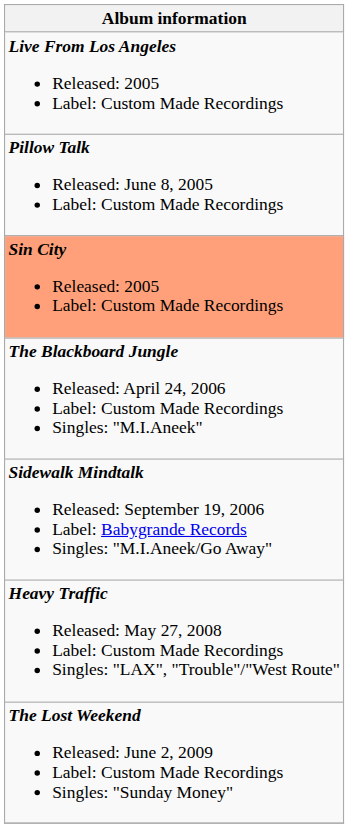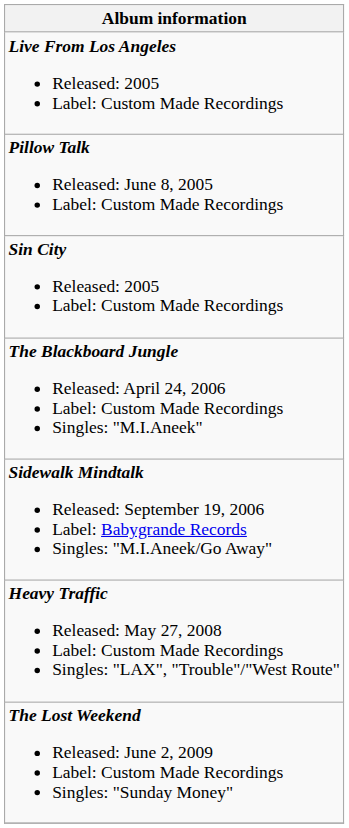 <table class="wikitable">
 <tr>
 <th align="left">Album information</th>
 </tr>
 <tr>
 <td><strong><em>Live From Los Angeles</em></strong><br><ul><li>Released: 2005</li><li>Label: Custom Made Recordings</li></ul></td>
 </tr>
 <tr>
 <td><strong><em>Pillow Talk</em></strong><br><ul><li>Released: June 8, 2005</li><li>Label: Custom Made Recordings</li></ul></td>
 </tr>
 <tr>
-<td style="background: lightsalmon;"><strong><em>Sin City</em></strong><br><ul><li>Released: 2005</li><li>Label: Custom Made Recordings</li></ul></td>
+<td><strong><em>Sin City</em></strong><br><ul><li>Released: 2005</li><li>Label: Custom Made Recordings</li></ul></td>
 </tr>
 <tr>
 <td><strong><em>The Blackboard Jungle</em></strong><br><ul><li>Released: April 24, 2006</li><li>Label: Custom Made Recordings</li><li>Singles: "M.I.Aneek"</li></ul></td>
 </tr>
 <tr>
 <td><strong><em>Sidewalk Mindtalk</em></strong><br><ul><li>Released: September 19, 2006</li><li>Label: <a href='#'>Babygrande Records</a></li><li>Singles: "M.I.Aneek/Go Away"</li></ul></td>
 </tr>
 <tr>
 <td><strong><em>Heavy Traffic</em></strong><br><ul><li>Released: May 27, 2008</li><li>Label: Custom Made Recordings</li><li>Singles: "LAX", "Trouble"/"West Route"</li></ul></td>
 </tr>
 <tr>
 <td><strong><em>The Lost Weekend</em></strong><br><ul><li>Released: June 2, 2009</li><li>Label: Custom Made Recordings</li><li>Singles: "Sunday Money"</li></ul></td>
 </tr>
 <tr>
 </tr>
 </table>
